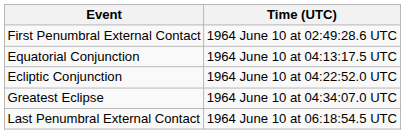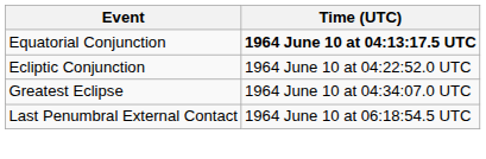 <table class="wikitable">
 <tr>
 <th>Event</th>
 <th>Time (UTC)</th>
 </tr>
 <tr>
-<td>First Penumbral External Contact</td>
-<td>1964 June 10 at 02:49:28.6 UTC</td>
-</tr>
-<tr>
 <td>Equatorial Conjunction</td>
-<td>1964 June 10 at 04:13:17.5 UTC</td>
+<td><strong>1964 June 10 at 04:13:17.5 UTC</strong></td>
 </tr>
 <tr>
 <td>Ecliptic Conjunction</td>
 <td>1964 June 10 at 04:22:52.0 UTC</td>
 </tr>
 <tr>
 <td>Greatest Eclipse</td>
 <td>1964 June 10 at 04:34:07.0 UTC</td>
 </tr>
 <tr>
 <td>Last Penumbral External Contact</td>
 <td>1964 June 10 at 06:18:54.5 UTC</td>
 </tr>
 </table>
